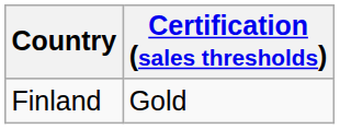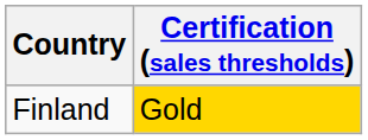 <table class="wikitable sortable">
 <tr>
 <th>Country</th>
 <th><a href='#'>Certification</a><br>(<small><a href='#'>sales thresholds</a></small>)</th>
 </tr>
 <tr>
 <td>Finland</td>
-<td>Gold</td>
+<td style="background: gold;">Gold</td>
 </tr>
 </table>
